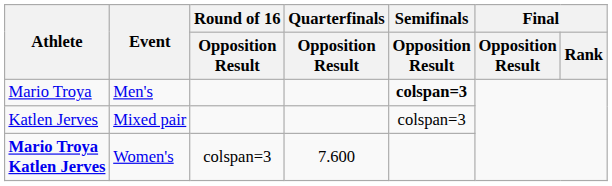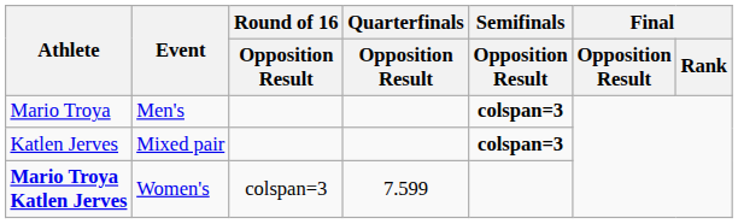 <table class=wikitable style=font-size:90%;text-align:center>
 <tr>
 <th rowspan=2>Athlete</th>
 <th rowspan=2>Event</th>
 <th>Round of 16</th>
 <th>Quarterfinals</th>
 <th>Semifinals</th>
 <th colspan=2>Final</th>
 </tr>
 <tr>
 <th>Opposition<br>Result</th>
 <th>Opposition<br>Result</th>
 <th>Opposition<br>Result</th>
 <th>Opposition<br>Result</th>
 <th>Rank</th>
 </tr>
 <tr align=center>
 <td align=left><a href='#'>Mario Troya</a></td>
 <td align=left><a href='#'>Men's</a></td>
 <td><br></td>
 <td><br></td>
 <td><strong>colspan=3 </strong></td>
 </tr>
 <tr align=center>
 <td align=left><a href='#'>Katlen Jerves</a></td>
 <td align=left><a href='#'>Mixed pair</a></td>
 <td><br></td>
 <td><br></td>
-<td>colspan=3 </td>
+<td><strong>colspan=3 </strong></td>
 </tr>
 <tr align=center>
 <td align=left><strong><a href='#'>Mario Troya</a> <br> <a href='#'>Katlen Jerves</a></strong></td>
 <td align=left><a href='#'>Women's</a></td>
 <td>colspan=3 </td>
-<td>7.600</td>
+<td>7.599</td>
 <td></td>
 </tr>
 </table>
